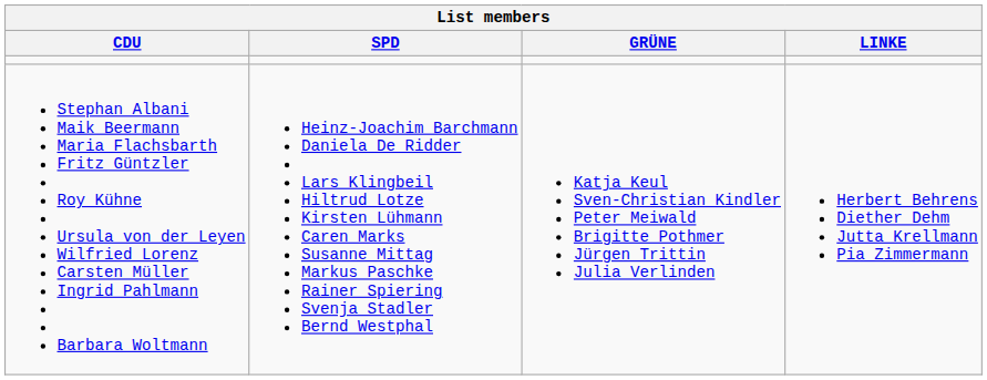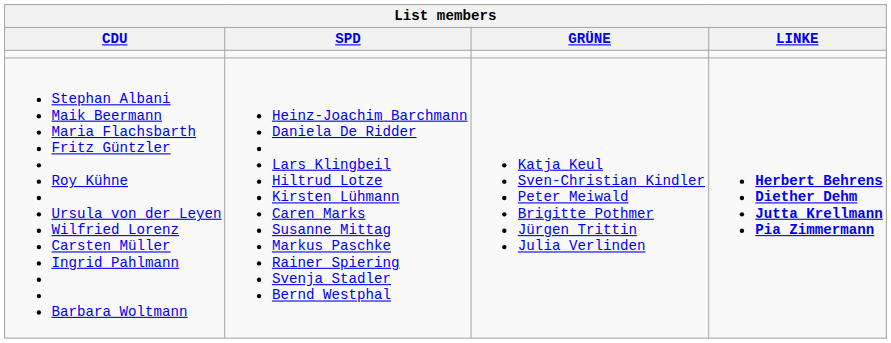 <table class=wikitable>
 <tr>
 <th colspan=4>List members</th>
 </tr>
 <tr>
 <th><a href='#'>CDU</a></th>
 <th><a href='#'>SPD</a></th>
 <th><a href='#'>GRÜNE</a></th>
 <th><a href='#'>LINKE</a></th>
 </tr>
 <tr>
 <td bgcolor=></td>
 <td bgcolor=></td>
 <td bgcolor=></td>
 <td bgcolor=></td>
 </tr>
 <tr>
 <td><br><ul><li><a href='#'>Stephan Albani</a></li><li><a href='#'>Maik Beermann</a></li><li><a href='#'>Maria Flachsbarth</a></li><li><a href='#'>Fritz Güntzler</a></li><li></li><li><a href='#'>Roy Kühne</a></li><li></li><li><a href='#'>Ursula von der Leyen</a></li><li><a href='#'>Wilfried Lorenz</a></li><li><a href='#'>Carsten Müller</a></li><li><a href='#'>Ingrid Pahlmann</a></li><li></li><li></li><li><a href='#'>Barbara Woltmann</a></li></ul></td>
 <td><br><ul><li><a href='#'>Heinz-Joachim Barchmann</a></li><li><a href='#'>Daniela De Ridder</a></li><li></li><li><a href='#'>Lars Klingbeil</a></li><li><a href='#'>Hiltrud Lotze</a></li><li><a href='#'>Kirsten Lühmann</a></li><li><a href='#'>Caren Marks</a></li><li><a href='#'>Susanne Mittag</a></li><li><a href='#'>Markus Paschke</a></li><li><a href='#'>Rainer Spiering</a></li><li><a href='#'>Svenja Stadler</a></li><li><a href='#'>Bernd Westphal</a></li></ul></td>
 <td><br><ul><li><a href='#'>Katja Keul</a></li><li><a href='#'>Sven-Christian Kindler</a></li><li><a href='#'>Peter Meiwald</a></li><li><a href='#'>Brigitte Pothmer</a></li><li><a href='#'>Jürgen Trittin</a></li><li><a href='#'>Julia Verlinden</a></li></ul></td>
-<td><br><ul><li><a href='#'>Herbert Behrens</a></li><li><a href='#'>Diether Dehm</a></li><li><a href='#'>Jutta Krellmann</a></li><li><a href='#'>Pia Zimmermann</a></li></ul></td>
+<td><strong><br><ul><li><a href='#'>Herbert Behrens</a></li><li><a href='#'>Diether Dehm</a></li><li><a href='#'>Jutta Krellmann</a></li><li><a href='#'>Pia Zimmermann</a></li></ul></strong></td>
 </tr>
 </table>
